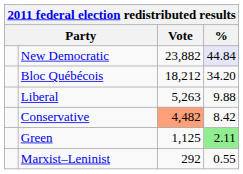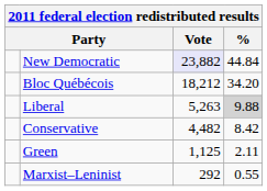 <table class="wikitable">
 <tr>
 <th colspan="4"><a href='#'>2011 federal election</a> redistributed results</th>
 </tr>
 <tr>
 <th bgcolor="#DDDDFF" width="130px" colspan="2">Party</th>
 <th bgcolor="#DDDDFF" width="50px">Vote</th>
 <th bgcolor="#DDDDFF" width="30px">%</th>
 </tr>
 <tr>
 <td> </td>
 <td><a href='#'>New Democratic</a></td>
-<td align=right>23,882</td>
-<td align=right style="background: lavender;">44.84</td>
+<td align=right style="background: lavender;">23,882</td>
+<td align=right>44.84</td>
 </tr>
 <tr>
 <td> </td>
 <td><a href='#'>Bloc Québécois</a></td>
 <td align=right>18,212</td>
 <td align=right>34.20</td>
 </tr>
 <tr>
 <td> </td>
 <td><a href='#'>Liberal</a></td>
 <td align=right>5,263</td>
-<td align=right>9.88</td>
+<td align=right style="background: lightgrey;">9.88</td>
 </tr>
 <tr>
 <td> </td>
 <td><a href='#'>Conservative</a></td>
-<td align=right style="background: lightsalmon;">4,482</td>
+<td align=right>4,482</td>
 <td align=right>8.42</td>
 </tr>
 <tr>
 <td> </td>
 <td><a href='#'>Green</a></td>
 <td align=right>1,125</td>
-<td align=right style="background: lightgreen;">2.11</td>
+<td align=right>2.11</td>
 </tr>
 <tr>
 <td> </td>
 <td><a href='#'>Marxist–Leninist</a></td>
 <td align=right>292</td>
 <td align=right>0.55</td>
 </tr>
 </table>
